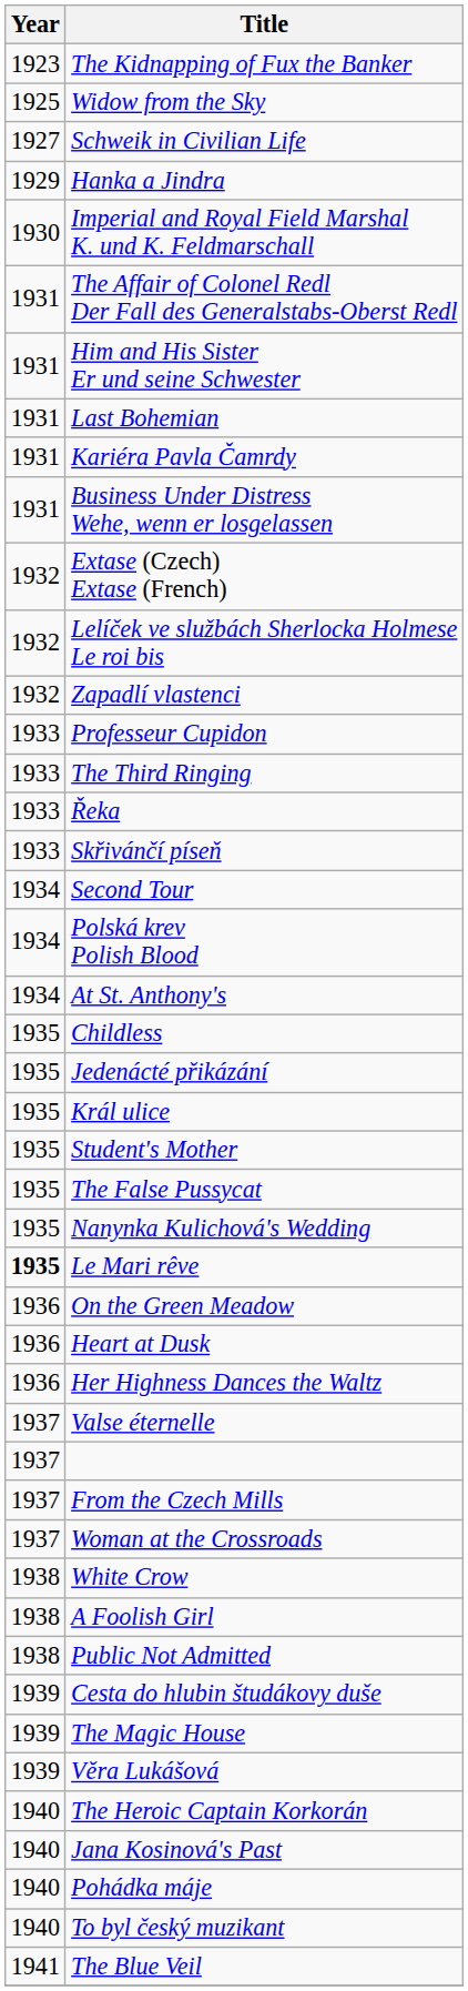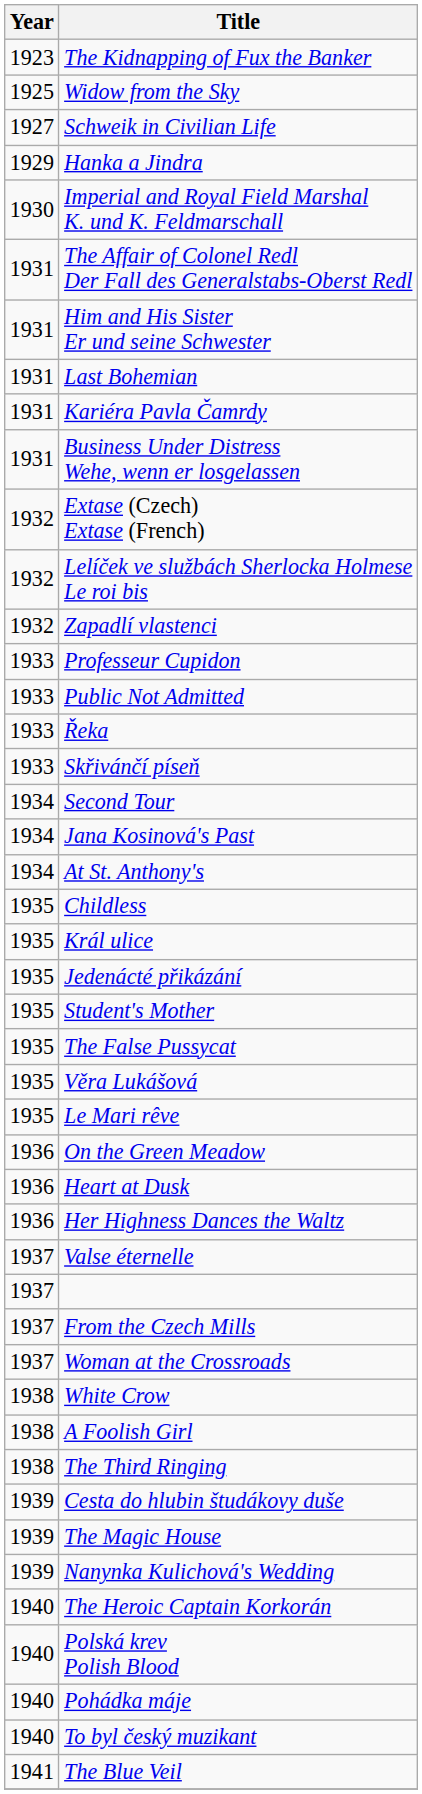 <table class="wikitable sortable">
 <tr>
 <th>Year</th>
 <th>Title</th>
 </tr>
 <tr>
 <td>1923</td>
 <td><em><a href='#'>The Kidnapping of Fux the Banker</a></em></td>
 </tr>
 <tr>
 <td>1925</td>
 <td><em><a href='#'>Widow from the Sky</a></em></td>
 </tr>
 <tr>
 <td>1927</td>
 <td><em><a href='#'>Schweik in Civilian Life</a></em></td>
 </tr>
 <tr>
 <td>1929</td>
 <td><em><a href='#'>Hanka a Jindra</a></em></td>
 </tr>
 <tr>
 <td>1930</td>
 <td><em><a href='#'>Imperial and Royal Field Marshal</a></em><br><em><a href='#'>K. und K. Feldmarschall</a></em></td>
 </tr>
 <tr>
 <td>1931</td>
 <td><em><a href='#'>The Affair of Colonel Redl</a></em><br><em><a href='#'>Der Fall des Generalstabs-Oberst Redl</a></em></td>
 </tr>
 <tr>
 <td>1931</td>
 <td><em><a href='#'>Him and His Sister</a></em><br><em><a href='#'>Er und seine Schwester</a></em></td>
 </tr>
 <tr>
 <td>1931</td>
 <td><em><a href='#'>Last Bohemian</a></em></td>
 </tr>
 <tr>
 <td>1931</td>
 <td><em><a href='#'>Kariéra Pavla Čamrdy</a> </em></td>
 </tr>
 <tr>
 <td>1931</td>
 <td><em><a href='#'>Business Under Distress</a></em><br><em><a href='#'>Wehe, wenn er losgelassen</a></em></td>
 </tr>
 <tr>
 <td>1932</td>
 <td><em><a href='#'>Extase</a></em> (Czech) <br><em><a href='#'>Extase</a></em> (French)</td>
 </tr>
 <tr>
 <td>1932</td>
 <td><em><a href='#'>Lelíček ve službách Sherlocka Holmese</a></em><br><em><a href='#'>Le roi bis</a></em></td>
 </tr>
 <tr>
 <td>1932</td>
 <td><em><a href='#'>Zapadlí vlastenci</a> </em></td>
 </tr>
 <tr>
 <td>1933</td>
 <td><em><a href='#'>Professeur Cupidon</a></em></td>
 </tr>
 <tr>
 <td>1933</td>
-<td><em><a href='#'>The Third Ringing</a></em></td>
+<td><em><a href='#'>Public Not Admitted</a></em></td>
 </tr>
 <tr>
 <td>1933</td>
 <td><em><a href='#'> Řeka</a></em></td>
 </tr>
 <tr>
 <td>1933</td>
 <td><em><a href='#'>Skřivánčí píseň</a></em></td>
 </tr>
 <tr>
 <td>1934</td>
 <td><em><a href='#'>Second Tour</a></em></td>
 </tr>
 <tr>
 <td>1934</td>
-<td><em><a href='#'>Polská krev</a></em><br><em><a href='#'>Polish Blood</a></em></td>
+<td><em><a href='#'>Jana Kosinová's Past</a></em></td>
 </tr>
 <tr>
 <td>1934</td>
 <td><em><a href='#'>At St. Anthony's</a> </em></td>
 </tr>
 <tr>
 <td>1935</td>
 <td><em><a href='#'>Childless</a></em></td>
 </tr>
 <tr>
 <td>1935</td>
-<td><em><a href='#'>Jedenácté přikázání</a></em></td>
+<td><em><a href='#'>Král ulice</a></em></td>
 </tr>
 <tr>
 <td>1935</td>
-<td><em><a href='#'>Král ulice</a></em></td>
+<td><em><a href='#'>Jedenácté přikázání</a></em></td>
 </tr>
 <tr>
 <td>1935</td>
 <td><em><a href='#'>Student's Mother</a></em></td>
 </tr>
 <tr>
 <td>1935</td>
 <td><em><a href='#'>The False Pussycat</a></em></td>
 </tr>
 <tr>
 <td>1935</td>
-<td><em><a href='#'>Nanynka Kulichová's Wedding</a></em></td>
+<td><em><a href='#'>Věra Lukášová</a></em></td>
 </tr>
 <tr>
-<td><strong>1935</strong></td>
+<td>1935</td>
 <td><em><a href='#'>Le Mari rêve</a></em></td>
 </tr>
 <tr>
 <td>1936</td>
 <td><em><a href='#'>On the Green Meadow</a></em></td>
 </tr>
 <tr>
 <td>1936</td>
 <td><em><a href='#'>Heart at Dusk</a></em></td>
 </tr>
 <tr>
 <td>1936</td>
 <td><em><a href='#'>Her Highness Dances the Waltz</a></em></td>
 </tr>
 <tr>
 <td>1937</td>
 <td><em><a href='#'>Valse éternelle</a></em></td>
 </tr>
 <tr>
 <td>1937</td>
 <td><em></em></td>
 </tr>
 <tr>
 <td>1937</td>
 <td><em><a href='#'>From the Czech Mills</a></em></td>
 </tr>
 <tr>
 <td>1937</td>
 <td><em><a href='#'>Woman at the Crossroads</a></em></td>
 </tr>
 <tr>
 <td>1938</td>
 <td><em><a href='#'>White Crow</a></em></td>
 </tr>
 <tr>
 <td>1938</td>
 <td><em><a href='#'>A Foolish Girl</a></em></td>
 </tr>
 <tr>
 <td>1938</td>
-<td><em><a href='#'>Public Not Admitted</a></em></td>
+<td><em><a href='#'>The Third Ringing</a></em></td>
 </tr>
 <tr>
 <td>1939</td>
 <td><em><a href='#'>Cesta do hlubin študákovy duše</a></em></td>
 </tr>
 <tr>
 <td>1939</td>
 <td><em><a href='#'>The Magic House</a></em></td>
 </tr>
 <tr>
 <td>1939</td>
-<td><em><a href='#'>Věra Lukášová</a></em></td>
+<td><em><a href='#'>Nanynka Kulichová's Wedding</a></em></td>
 </tr>
 <tr>
 <td>1940</td>
 <td><em><a href='#'>The Heroic Captain Korkorán</a></em></td>
 </tr>
 <tr>
 <td>1940</td>
-<td><em><a href='#'>Jana Kosinová's Past</a></em></td>
+<td><em><a href='#'>Polská krev</a></em><br><em><a href='#'>Polish Blood</a></em></td>
 </tr>
 <tr>
 <td>1940</td>
 <td><em><a href='#'>Pohádka máje</a></em></td>
 </tr>
 <tr>
 <td>1940</td>
 <td><em><a href='#'>To byl český muzikant</a></em></td>
 </tr>
 <tr>
 <td>1941</td>
 <td><em><a href='#'>The Blue Veil</a></em></td>
 </tr>
 <tr>
 </tr>
 </table>
